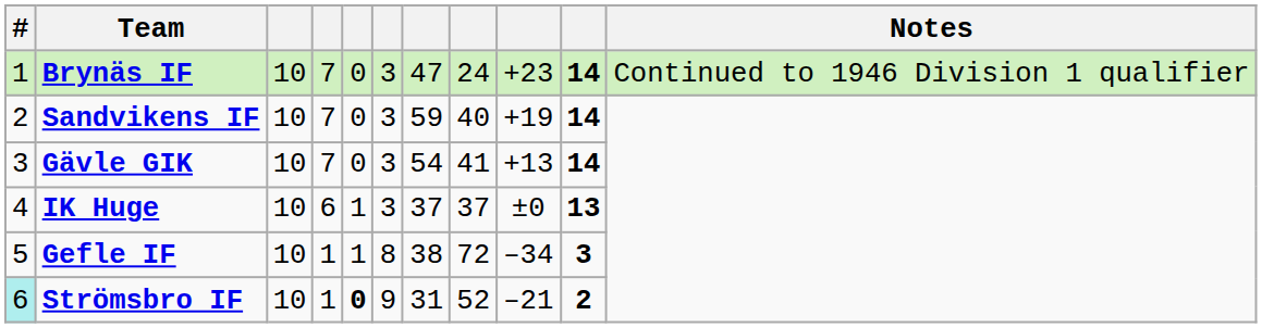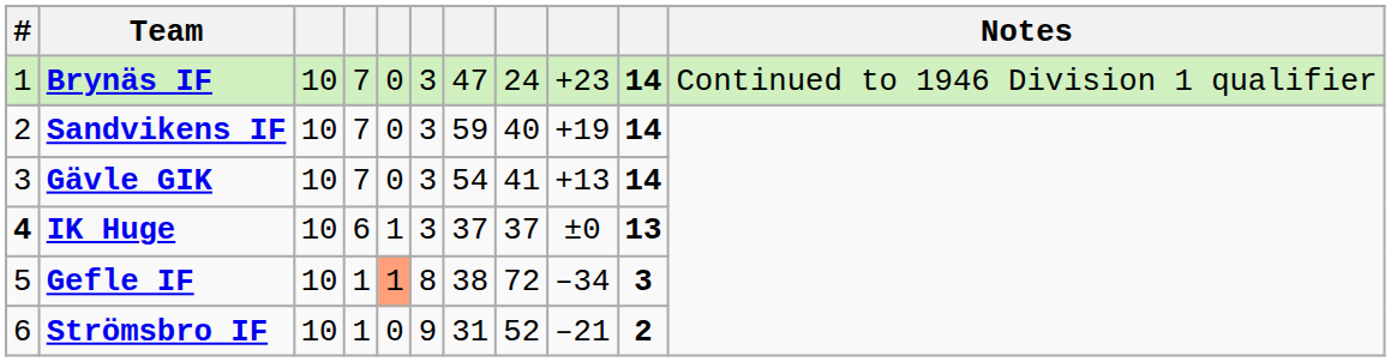 <table class="wikitable sortable">
 <tr>
 <th>#</th>
 <th>Team</th>
 <th></th>
 <th></th>
 <th></th>
 <th></th>
 <th></th>
 <th></th>
 <th></th>
 <th></th>
 <th>Notes</th>
 </tr>
 <tr style="background: #D0F0C0;">
 <td>1</td>
 <td style="font-weight:bold;"><a href='#'>Brynäs IF</a></td>
 <td style="text-align: center;">10</td>
 <td style="text-align: center;">7</td>
 <td style="text-align: center;">0</td>
 <td style="text-align: center;">3</td>
 <td style="text-align: center;">47</td>
 <td style="text-align: center;">24</td>
 <td style="text-align: center;">+23</td>
 <td style="text-align: center; font-weight:bold;">14</td>
 <td>Continued to 1946 Division 1 qualifier</td>
 </tr>
 <tr>
 <td>2</td>
 <td style="font-weight:bold;"><a href='#'>Sandvikens IF</a></td>
 <td style="text-align: center;">10</td>
 <td style="text-align: center;">7</td>
 <td style="text-align: center;">0</td>
 <td style="text-align: center;">3</td>
 <td style="text-align: center;">59</td>
 <td style="text-align: center;">40</td>
 <td style="text-align: center;">+19</td>
 <td style="text-align: center; font-weight:bold;">14</td>
 </tr>
 <tr>
 <td>3</td>
 <td style="font-weight:bold;"><a href='#'>Gävle GIK</a></td>
 <td style="text-align: center;">10</td>
 <td style="text-align: center;">7</td>
 <td style="text-align: center;">0</td>
 <td style="text-align: center;">3</td>
 <td style="text-align: center;">54</td>
 <td style="text-align: center;">41</td>
 <td style="text-align: center;">+13</td>
 <td style="text-align: center; font-weight:bold;">14</td>
 </tr>
 <tr>
-<td>4</td>
+<td><strong>4</strong></td>
 <td style="font-weight:bold;"><a href='#'>IK Huge</a></td>
 <td style="text-align: center;">10</td>
 <td style="text-align: center;">6</td>
 <td style="text-align: center;">1</td>
 <td style="text-align: center;">3</td>
 <td style="text-align: center;">37</td>
 <td style="text-align: center;">37</td>
 <td style="text-align: center;">±0</td>
 <td style="text-align: center; font-weight:bold;">13</td>
 </tr>
 <tr>
 <td>5</td>
 <td style="font-weight:bold;"><a href='#'>Gefle IF</a></td>
 <td style="text-align: center;">10</td>
 <td style="text-align: center;">1</td>
-<td style="text-align: center;">1</td>
+<td style="background: lightsalmon; text-align: center;">1</td>
 <td style="text-align: center;">8</td>
 <td style="text-align: center;">38</td>
 <td style="text-align: center;">72</td>
 <td style="text-align: center;">–34</td>
 <td style="text-align: center; font-weight:bold;">3</td>
 </tr>
 <tr>
-<td style="background: paleturquoise;">6</td>
+<td>6</td>
 <td style="font-weight:bold;"><a href='#'>Strömsbro IF</a></td>
 <td style="text-align: center;">10</td>
 <td style="text-align: center;">1</td>
-<td style="text-align: center;"><strong>0</strong></td>
+<td style="text-align: center;">0</td>
 <td style="text-align: center;">9</td>
 <td style="text-align: center;">31</td>
 <td style="text-align: center;">52</td>
 <td style="text-align: center;">–21</td>
 <td style="text-align: center; font-weight:bold;">2</td>
 </tr>
 </table>
